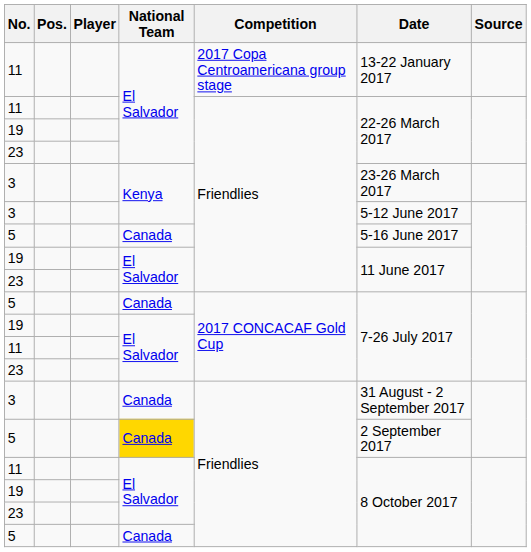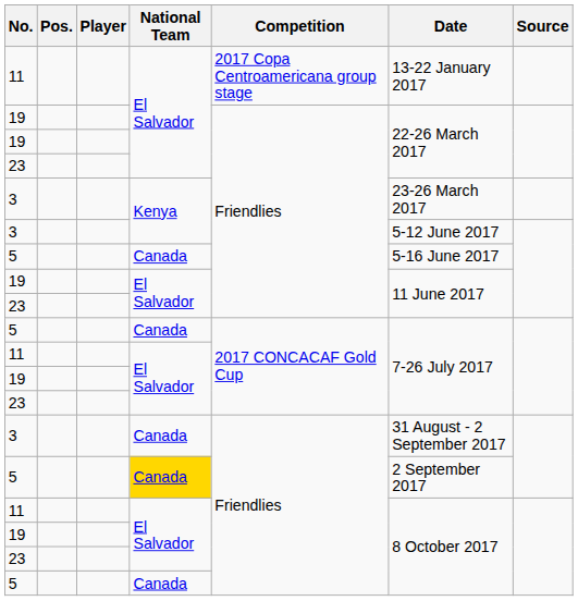 <table class="wikitable sortable" style="width:90%; text-align:center; font-size:95%; text-align:left;">
 <tr>
 <th><strong>No.</strong></th>
 <th><strong>Pos.</strong></th>
 <th><strong>Player</strong></th>
 <th><strong>National Team</strong></th>
 <th><strong>Competition</strong></th>
 <th><strong>Date</strong></th>
 <th><strong>Source</strong></th>
 </tr>
 <tr>
 <td>11</td>
 <td align=center></td>
 <td></td>
 <td rowspan="4"> <a href='#'>El Salvador</a></td>
 <td><a href='#'>2017 Copa Centroamericana group stage</a></td>
 <td>13-22 January 2017</td>
 <td></td>
 </tr>
 <tr>
-<td>11</td>
+<td>19</td>
 <td align=center></td>
 <td></td>
 <td rowspan="8">Friendlies</td>
 <td rowspan="3">22-26 March 2017</td>
 <td rowspan="3"></td>
 </tr>
 <tr>
 <td>19</td>
 <td align=center></td>
 <td></td>
 </tr>
 <tr>
 <td>23</td>
 <td align=center></td>
 <td></td>
 </tr>
 <tr>
 <td>3</td>
 <td align=center></td>
 <td></td>
 <td rowspan="2"> <a href='#'>Kenya</a></td>
 <td>23-26 March 2017</td>
 <td></td>
 </tr>
 <tr>
 <td>3</td>
 <td align=center></td>
 <td></td>
 <td>5-12 June 2017</td>
 <td rowspan="4"></td>
 </tr>
 <tr>
 <td>5</td>
 <td align=center></td>
 <td></td>
 <td> <a href='#'>Canada</a></td>
 <td>5-16 June 2017</td>
 </tr>
 <tr>
 <td>19</td>
 <td align=center></td>
 <td></td>
 <td rowspan="2"> <a href='#'>El Salvador</a></td>
 <td rowspan="2">11 June 2017</td>
 </tr>
 <tr>
 <td>23</td>
 <td align=center></td>
 <td></td>
 </tr>
 <tr>
 <td>5</td>
 <td align=center></td>
 <td></td>
 <td> <a href='#'>Canada</a></td>
 <td rowspan="4"><a href='#'>2017 CONCACAF Gold Cup</a></td>
 <td rowspan="4">7-26 July 2017</td>
 <td rowspan="4"></td>
 </tr>
 <tr>
-<td>19</td>
+<td>11</td>
 <td align=center></td>
 <td></td>
 <td rowspan="3"> <a href='#'>El Salvador</a></td>
 </tr>
 <tr>
-<td>11</td>
+<td>19</td>
 <td align=center></td>
 <td></td>
 </tr>
 <tr>
 <td>23</td>
 <td align=center></td>
 <td></td>
 </tr>
 <tr>
 <td>3</td>
 <td align=center></td>
 <td></td>
 <td> <a href='#'>Canada</a></td>
 <td rowspan="6">Friendlies</td>
 <td>31 August - 2 September 2017</td>
 <td rowspan="2"></td>
 </tr>
 <tr>
 <td>5</td>
 <td align=center></td>
 <td></td>
 <td style="background: gold;"> <a href='#'>Canada</a></td>
 <td>2 September 2017</td>
 </tr>
 <tr>
 <td>11</td>
 <td align=center></td>
 <td></td>
 <td rowspan="3"> <a href='#'>El Salvador</a></td>
 <td rowspan="4">8 October 2017</td>
 <td rowspan="4"></td>
 </tr>
 <tr>
 <td>19</td>
 <td align=center></td>
 <td></td>
 </tr>
 <tr>
 <td>23</td>
 <td align=center></td>
 <td></td>
 </tr>
 <tr>
 <td>5</td>
 <td align=center></td>
 <td></td>
 <td> <a href='#'>Canada</a></td>
 </tr>
 </table>
